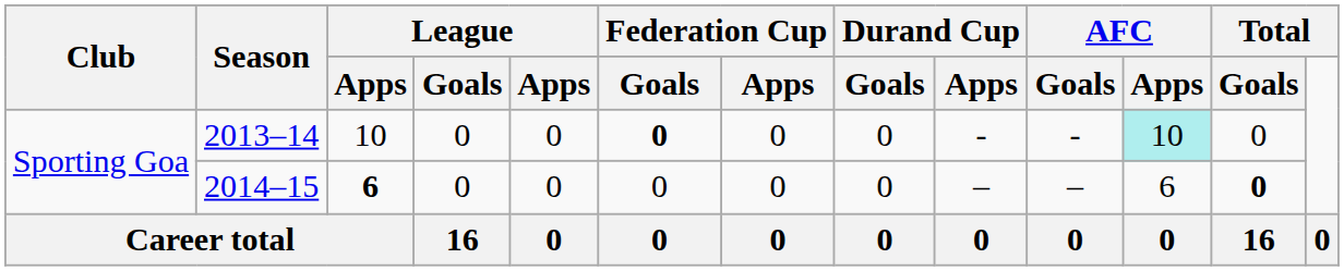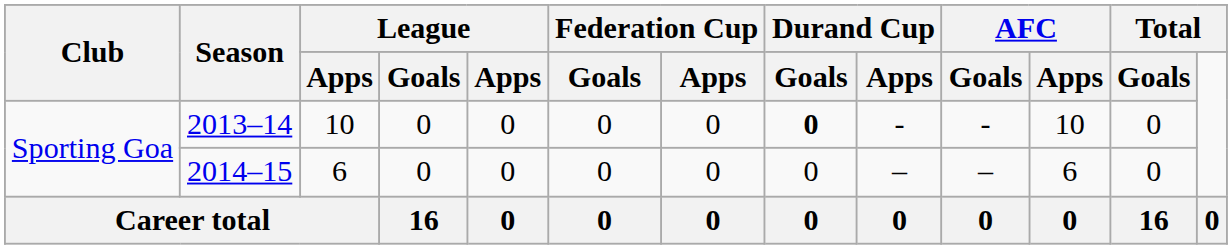 <table class="wikitable" style="text-align: center;">
 <tr>
 <th rowspan="2">Club</th>
 <th rowspan="2">Season</th>
 <th colspan="3">League</th>
 <th colspan="2">Federation Cup</th>
 <th colspan="2">Durand Cup</th>
 <th colspan="2"><a href='#'>AFC</a></th>
 <th colspan="2">Total</th>
 </tr>
 <tr>
 <th>Apps</th>
 <th>Goals</th>
 <th>Apps</th>
 <th>Goals</th>
 <th>Apps</th>
 <th>Goals</th>
 <th>Apps</th>
 <th>Goals</th>
 <th>Apps</th>
 <th>Goals</th>
 </tr>
 <tr>
 <td rowspan="2"><a href='#'>Sporting Goa</a></td>
 <td><a href='#'>2013–14</a></td>
 <td>10</td>
 <td>0</td>
 <td>0</td>
-<td><strong>0</strong></td>
 <td>0</td>
 <td>0</td>
+<td><strong>0</strong></td>
 <td>-</td>
 <td>-</td>
-<td style="background: paleturquoise;">10</td>
+<td>10</td>
 <td>0</td>
 </tr>
 <tr>
 <td><a href='#'>2014–15</a></td>
-<td><strong>6</strong></td>
+<td>6</td>
 <td>0</td>
 <td>0</td>
 <td>0</td>
 <td>0</td>
 <td>0</td>
 <td>–</td>
 <td>–</td>
 <td>6</td>
-<td><strong>0</strong></td>
+<td>0</td>
 </tr>
 <tr>
 <th colspan="3">Career total</th>
 <th>16</th>
 <th>0</th>
 <th>0</th>
 <th>0</th>
 <th>0</th>
 <th>0</th>
 <th>0</th>
 <th>0</th>
 <th>16</th>
 <th>0</th>
 </tr>
 </table>
